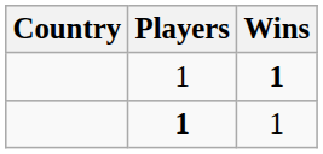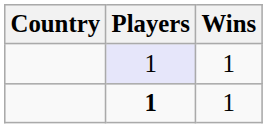 <table class="wikitable">
 <tr>
 <th>Country</th>
 <th>Players</th>
 <th>Wins</th>
 </tr>
 <tr>
 <td></td>
+<td align=center style="background: lavender;">1</td>
 <td align=center>1</td>
-<td align=center><strong>1</strong></td>
 </tr>
 <tr>
 <td></td>
 <td align=center><strong>1</strong></td>
 <td align=center>1</td>
 </tr>
 </table>
